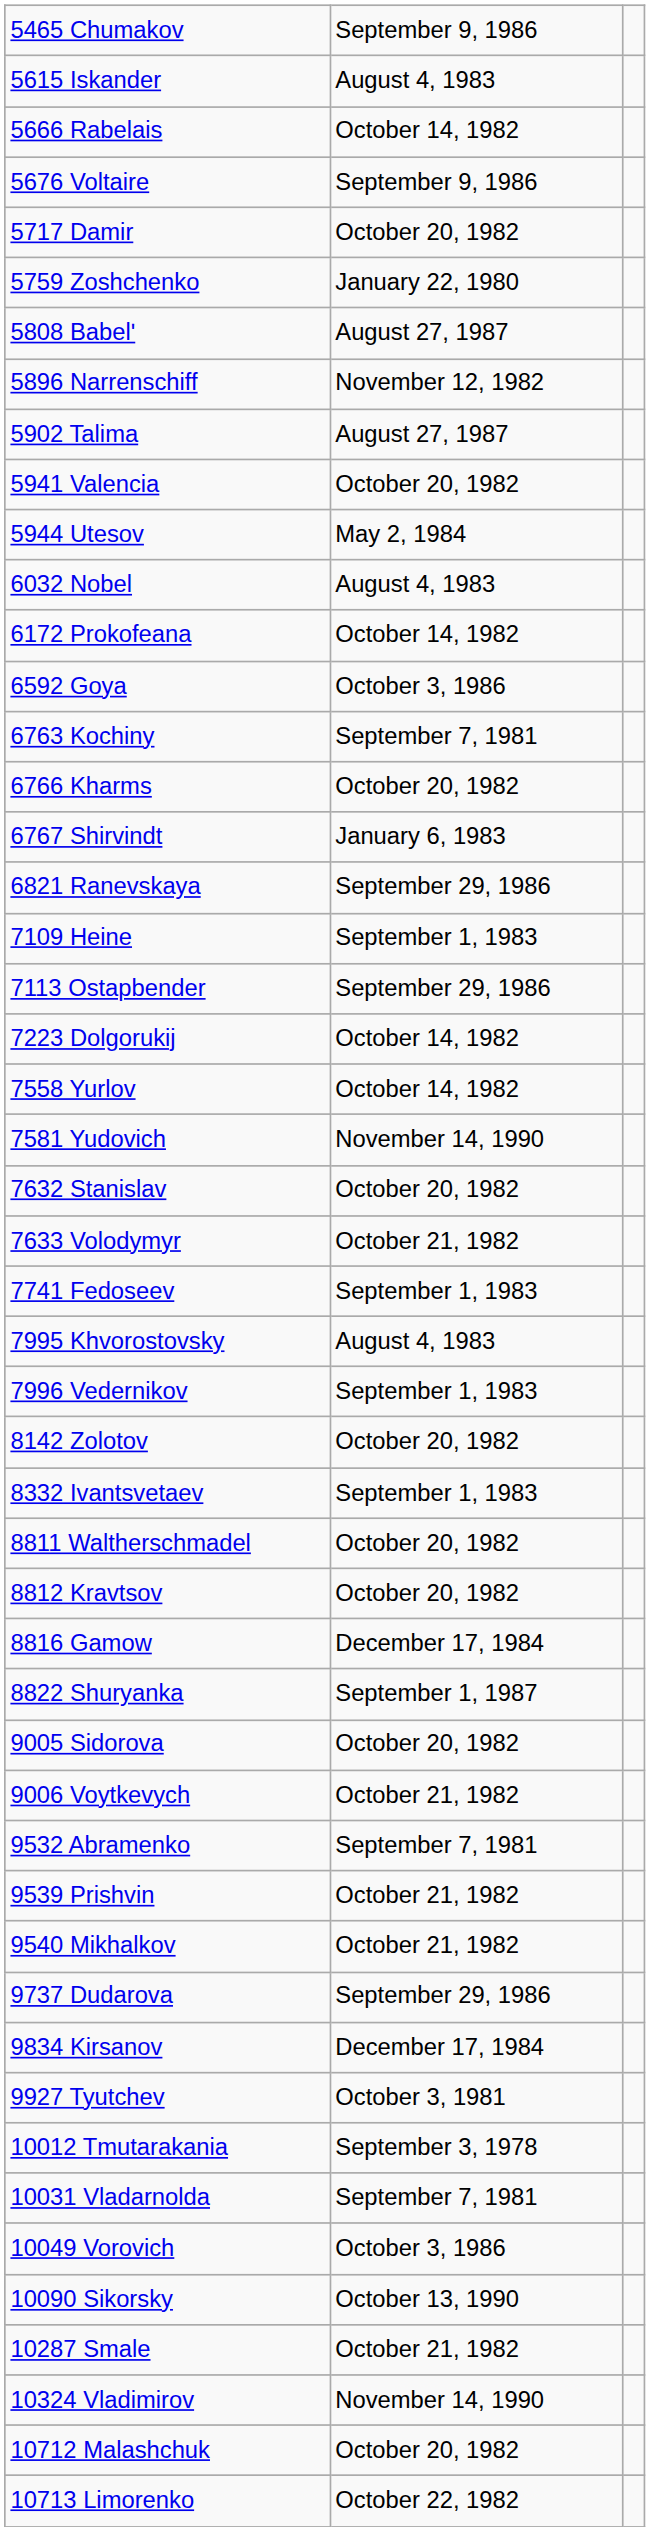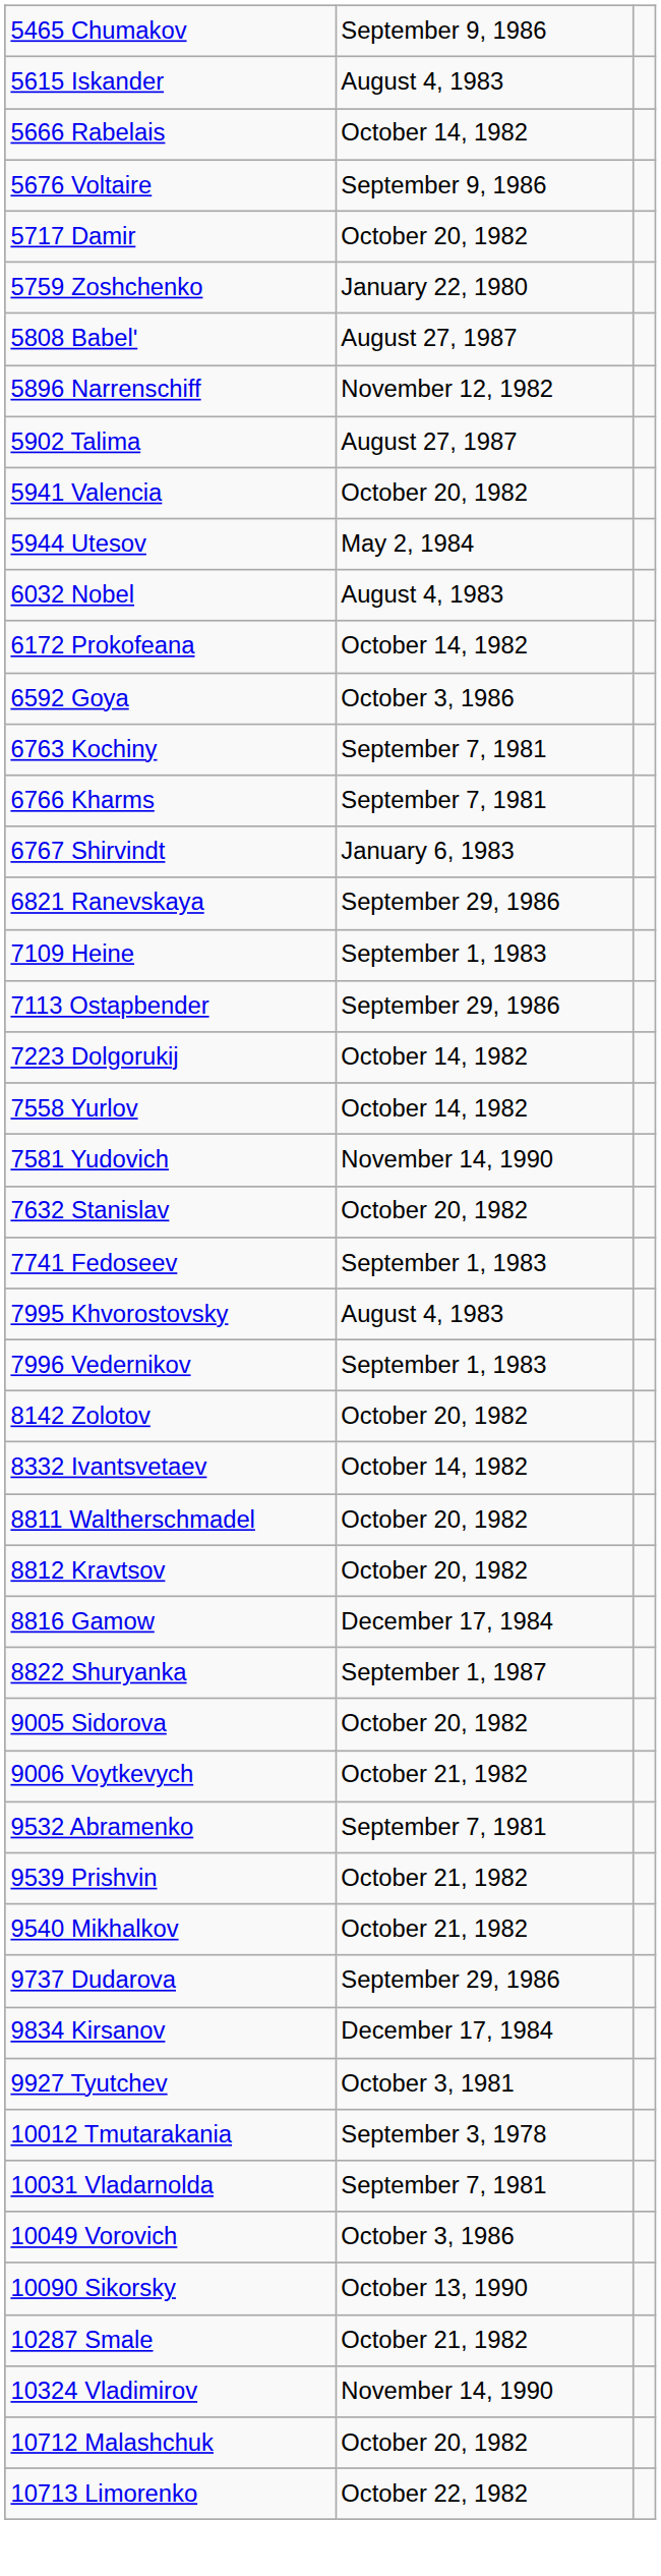 <table class="wikitable" style="font-size: 89%; float: left; width: 27em; margin-right: 1em; line-height: 1.65em !important; height: 540px;">
 <tr>
 <td><a href='#'>5465 Chumakov</a></td>
 <td>September 9, 1986</td>
 <td></td>
 </tr>
 <tr>
 <td><a href='#'>5615 Iskander</a></td>
 <td>August 4, 1983</td>
 <td></td>
 </tr>
 <tr>
 <td><a href='#'>5666 Rabelais</a></td>
 <td>October 14, 1982</td>
 <td></td>
 </tr>
 <tr>
 <td><a href='#'>5676 Voltaire</a></td>
 <td>September 9, 1986</td>
 <td></td>
 </tr>
 <tr>
 <td><a href='#'>5717 Damir</a></td>
 <td>October 20, 1982</td>
 <td></td>
 </tr>
 <tr>
 <td><a href='#'>5759 Zoshchenko</a></td>
 <td>January 22, 1980</td>
 <td></td>
 </tr>
 <tr>
 <td><a href='#'>5808 Babelʹ</a></td>
 <td>August 27, 1987</td>
 <td></td>
 </tr>
 <tr>
 <td><a href='#'>5896 Narrenschiff</a></td>
 <td>November 12, 1982</td>
 <td></td>
 </tr>
 <tr>
 <td><a href='#'>5902 Talima</a></td>
 <td>August 27, 1987</td>
 <td></td>
 </tr>
 <tr>
 <td><a href='#'>5941 Valencia</a></td>
 <td>October 20, 1982</td>
 <td></td>
 </tr>
 <tr>
 <td><a href='#'>5944 Utesov</a></td>
 <td>May 2, 1984</td>
 <td></td>
 </tr>
 <tr>
 <td><a href='#'>6032 Nobel</a></td>
 <td>August 4, 1983</td>
 <td></td>
 </tr>
 <tr>
 <td><a href='#'>6172 Prokofeana</a></td>
 <td>October 14, 1982</td>
 <td></td>
 </tr>
 <tr>
 <td><a href='#'>6592 Goya</a></td>
 <td>October 3, 1986</td>
 <td></td>
 </tr>
 <tr>
 <td><a href='#'>6763 Kochiny</a></td>
 <td>September 7, 1981</td>
 <td></td>
 </tr>
 <tr>
 <td><a href='#'>6766 Kharms</a></td>
-<td>October 20, 1982</td>
+<td>September 7, 1981</td>
 <td></td>
 </tr>
 <tr>
 <td><a href='#'>6767 Shirvindt</a></td>
 <td>January 6, 1983</td>
 <td></td>
 </tr>
 <tr>
 <td><a href='#'>6821 Ranevskaya</a></td>
 <td>September 29, 1986</td>
 <td></td>
 </tr>
 <tr>
 <td><a href='#'>7109 Heine</a></td>
 <td>September 1, 1983</td>
 <td></td>
 </tr>
 <tr>
 <td><a href='#'>7113 Ostapbender</a></td>
 <td>September 29, 1986</td>
 <td></td>
 </tr>
 <tr>
 <td><a href='#'>7223 Dolgorukij</a></td>
 <td>October 14, 1982</td>
 <td> </td>
 </tr>
 <tr>
 <td><a href='#'>7558 Yurlov</a></td>
 <td>October 14, 1982</td>
 <td></td>
 </tr>
 <tr>
 <td><a href='#'>7581 Yudovich</a></td>
 <td>November 14, 1990</td>
 <td></td>
 </tr>
 <tr>
 <td><a href='#'>7632 Stanislav</a></td>
 <td>October 20, 1982</td>
 <td></td>
 </tr>
 <tr>
-<td><a href='#'>7633 Volodymyr</a></td>
-<td>October 21, 1982</td>
-<td></td>
-</tr>
-<tr>
 <td><a href='#'>7741 Fedoseev</a></td>
 <td>September 1, 1983</td>
 <td></td>
 </tr>
 <tr>
 <td><a href='#'>7995 Khvorostovsky</a></td>
 <td>August 4, 1983</td>
 <td></td>
 </tr>
 <tr>
 <td><a href='#'>7996 Vedernikov</a></td>
 <td>September 1, 1983</td>
 <td></td>
 </tr>
 <tr>
 <td><a href='#'>8142 Zolotov</a></td>
 <td>October 20, 1982</td>
 <td></td>
 </tr>
 <tr>
 <td><a href='#'>8332 Ivantsvetaev</a></td>
-<td>September 1, 1983</td>
+<td>October 14, 1982</td>
 <td> </td>
 </tr>
 <tr>
 <td><a href='#'>8811 Waltherschmadel</a></td>
 <td>October 20, 1982</td>
 <td></td>
 </tr>
 <tr>
 <td><a href='#'>8812 Kravtsov</a></td>
 <td>October 20, 1982</td>
 <td></td>
 </tr>
 <tr>
 <td><a href='#'>8816 Gamow</a></td>
 <td>December 17, 1984</td>
 <td></td>
 </tr>
 <tr>
 <td><a href='#'>8822 Shuryanka</a></td>
 <td>September 1, 1987</td>
 <td></td>
 </tr>
 <tr>
 <td><a href='#'>9005 Sidorova</a></td>
 <td>October 20, 1982</td>
 <td></td>
 </tr>
 <tr>
 <td><a href='#'>9006 Voytkevych</a></td>
 <td>October 21, 1982</td>
 <td></td>
 </tr>
 <tr>
 <td><a href='#'>9532 Abramenko</a></td>
 <td>September 7, 1981</td>
 <td></td>
 </tr>
 <tr>
 <td><a href='#'>9539 Prishvin</a></td>
 <td>October 21, 1982</td>
 <td></td>
 </tr>
 <tr>
 <td><a href='#'>9540 Mikhalkov</a></td>
 <td>October 21, 1982</td>
 <td></td>
 </tr>
 <tr>
 <td><a href='#'>9737 Dudarova</a></td>
 <td>September 29, 1986</td>
 <td></td>
 </tr>
 <tr>
 <td><a href='#'>9834 Kirsanov</a></td>
 <td>December 17, 1984</td>
 <td></td>
 </tr>
 <tr>
 <td><a href='#'>9927 Tyutchev</a></td>
 <td>October 3, 1981</td>
 <td></td>
 </tr>
 <tr>
 <td><a href='#'>10012 Tmutarakania</a></td>
 <td>September 3, 1978</td>
 <td> </td>
 </tr>
 <tr>
 <td><a href='#'>10031 Vladarnolda</a></td>
 <td>September 7, 1981</td>
 <td></td>
 </tr>
 <tr>
 <td><a href='#'>10049 Vorovich</a></td>
 <td>October 3, 1986</td>
 <td></td>
 </tr>
 <tr>
 <td><a href='#'>10090 Sikorsky</a></td>
 <td>October 13, 1990</td>
 <td> </td>
 </tr>
 <tr>
 <td><a href='#'>10287 Smale</a></td>
 <td>October 21, 1982</td>
 <td></td>
 </tr>
 <tr>
 <td><a href='#'>10324 Vladimirov</a></td>
 <td>November 14, 1990</td>
 <td></td>
 </tr>
 <tr>
 <td><a href='#'>10712 Malashchuk</a></td>
 <td>October 20, 1982</td>
 <td></td>
 </tr>
 <tr>
 <td><a href='#'>10713 Limorenko</a></td>
 <td>October 22, 1982</td>
 <td></td>
 </tr>
 </table>
